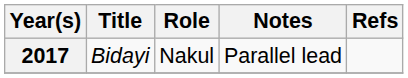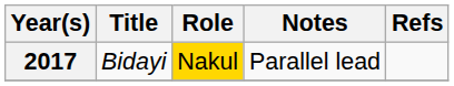 <table class="wikitable plainrowheaders sortable">
 <tr>
 <th scope="col">Year(s)</th>
 <th scope="col">Title</th>
 <th scope="col">Role</th>
 <th scope="col" class="unsortable">Notes</th>
 <th scope="col" class="unsortable">Refs</th>
 </tr>
 <tr>
 <th scope="row">2017</th>
 <td><em>Bidayi</em></td>
-<td>Nakul</td>
+<td style="background: gold;">Nakul</td>
 <td>Parallel lead</td>
 <td></td>
 </tr>
 <tr>
 </tr>
 </table>
